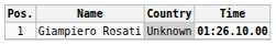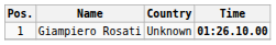 <table class="wikitable sortable">
 <tr>
 <th>Pos.</th>
 <th>Name</th>
 <th>Country</th>
 <th>Time</th>
 </tr>
 <tr>
 <td align="center">1</td>
 <td>Giampiero Rosati</td>
-<td style="background: lightgrey;">Unknown</td>
+<td>Unknown</td>
 <td align="right"><strong>01:26.10.00</strong></td>
 </tr>
 <tr>
 </tr>
 </table>
